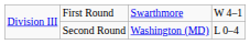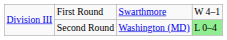 <table class="wikitable">
 <tr>
 <td rowspan="5"><a href='#'>Division III</a></td>
 <td>First Round</td>
 <td><a href='#'>Swarthmore</a></td>
 <td>W 4–1</td>
 </tr>
 <tr>
 <td>Second Round</td>
 <td><a href='#'>Washington (MD)</a></td>
-<td>L 0–4</td>
+<td style="background: lightgreen;">L 0–4</td>
 </tr>
 </table>
